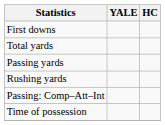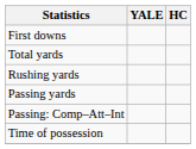 <table class="wikitable" style="float: left;">
 <tr>
 <th>Statistics</th>
 <th>YALE</th>
 <th>HC</th>
 </tr>
 <tr>
 <td>First downs</td>
 <td></td>
 <td></td>
 </tr>
 <tr>
 <td>Total yards</td>
 <td></td>
 <td></td>
 </tr>
 <tr>
-<td>Passing yards</td>
+<td>Rushing yards</td>
 <td></td>
 <td></td>
 </tr>
 <tr>
-<td>Rushing yards</td>
+<td>Passing yards</td>
 <td></td>
 <td></td>
 </tr>
 <tr>
 <td>Passing: Comp–Att–Int</td>
 <td></td>
 <td></td>
 </tr>
 <tr>
 <td>Time of possession</td>
 <td></td>
 <td></td>
 </tr>
 <tr>
 </tr>
 </table>
